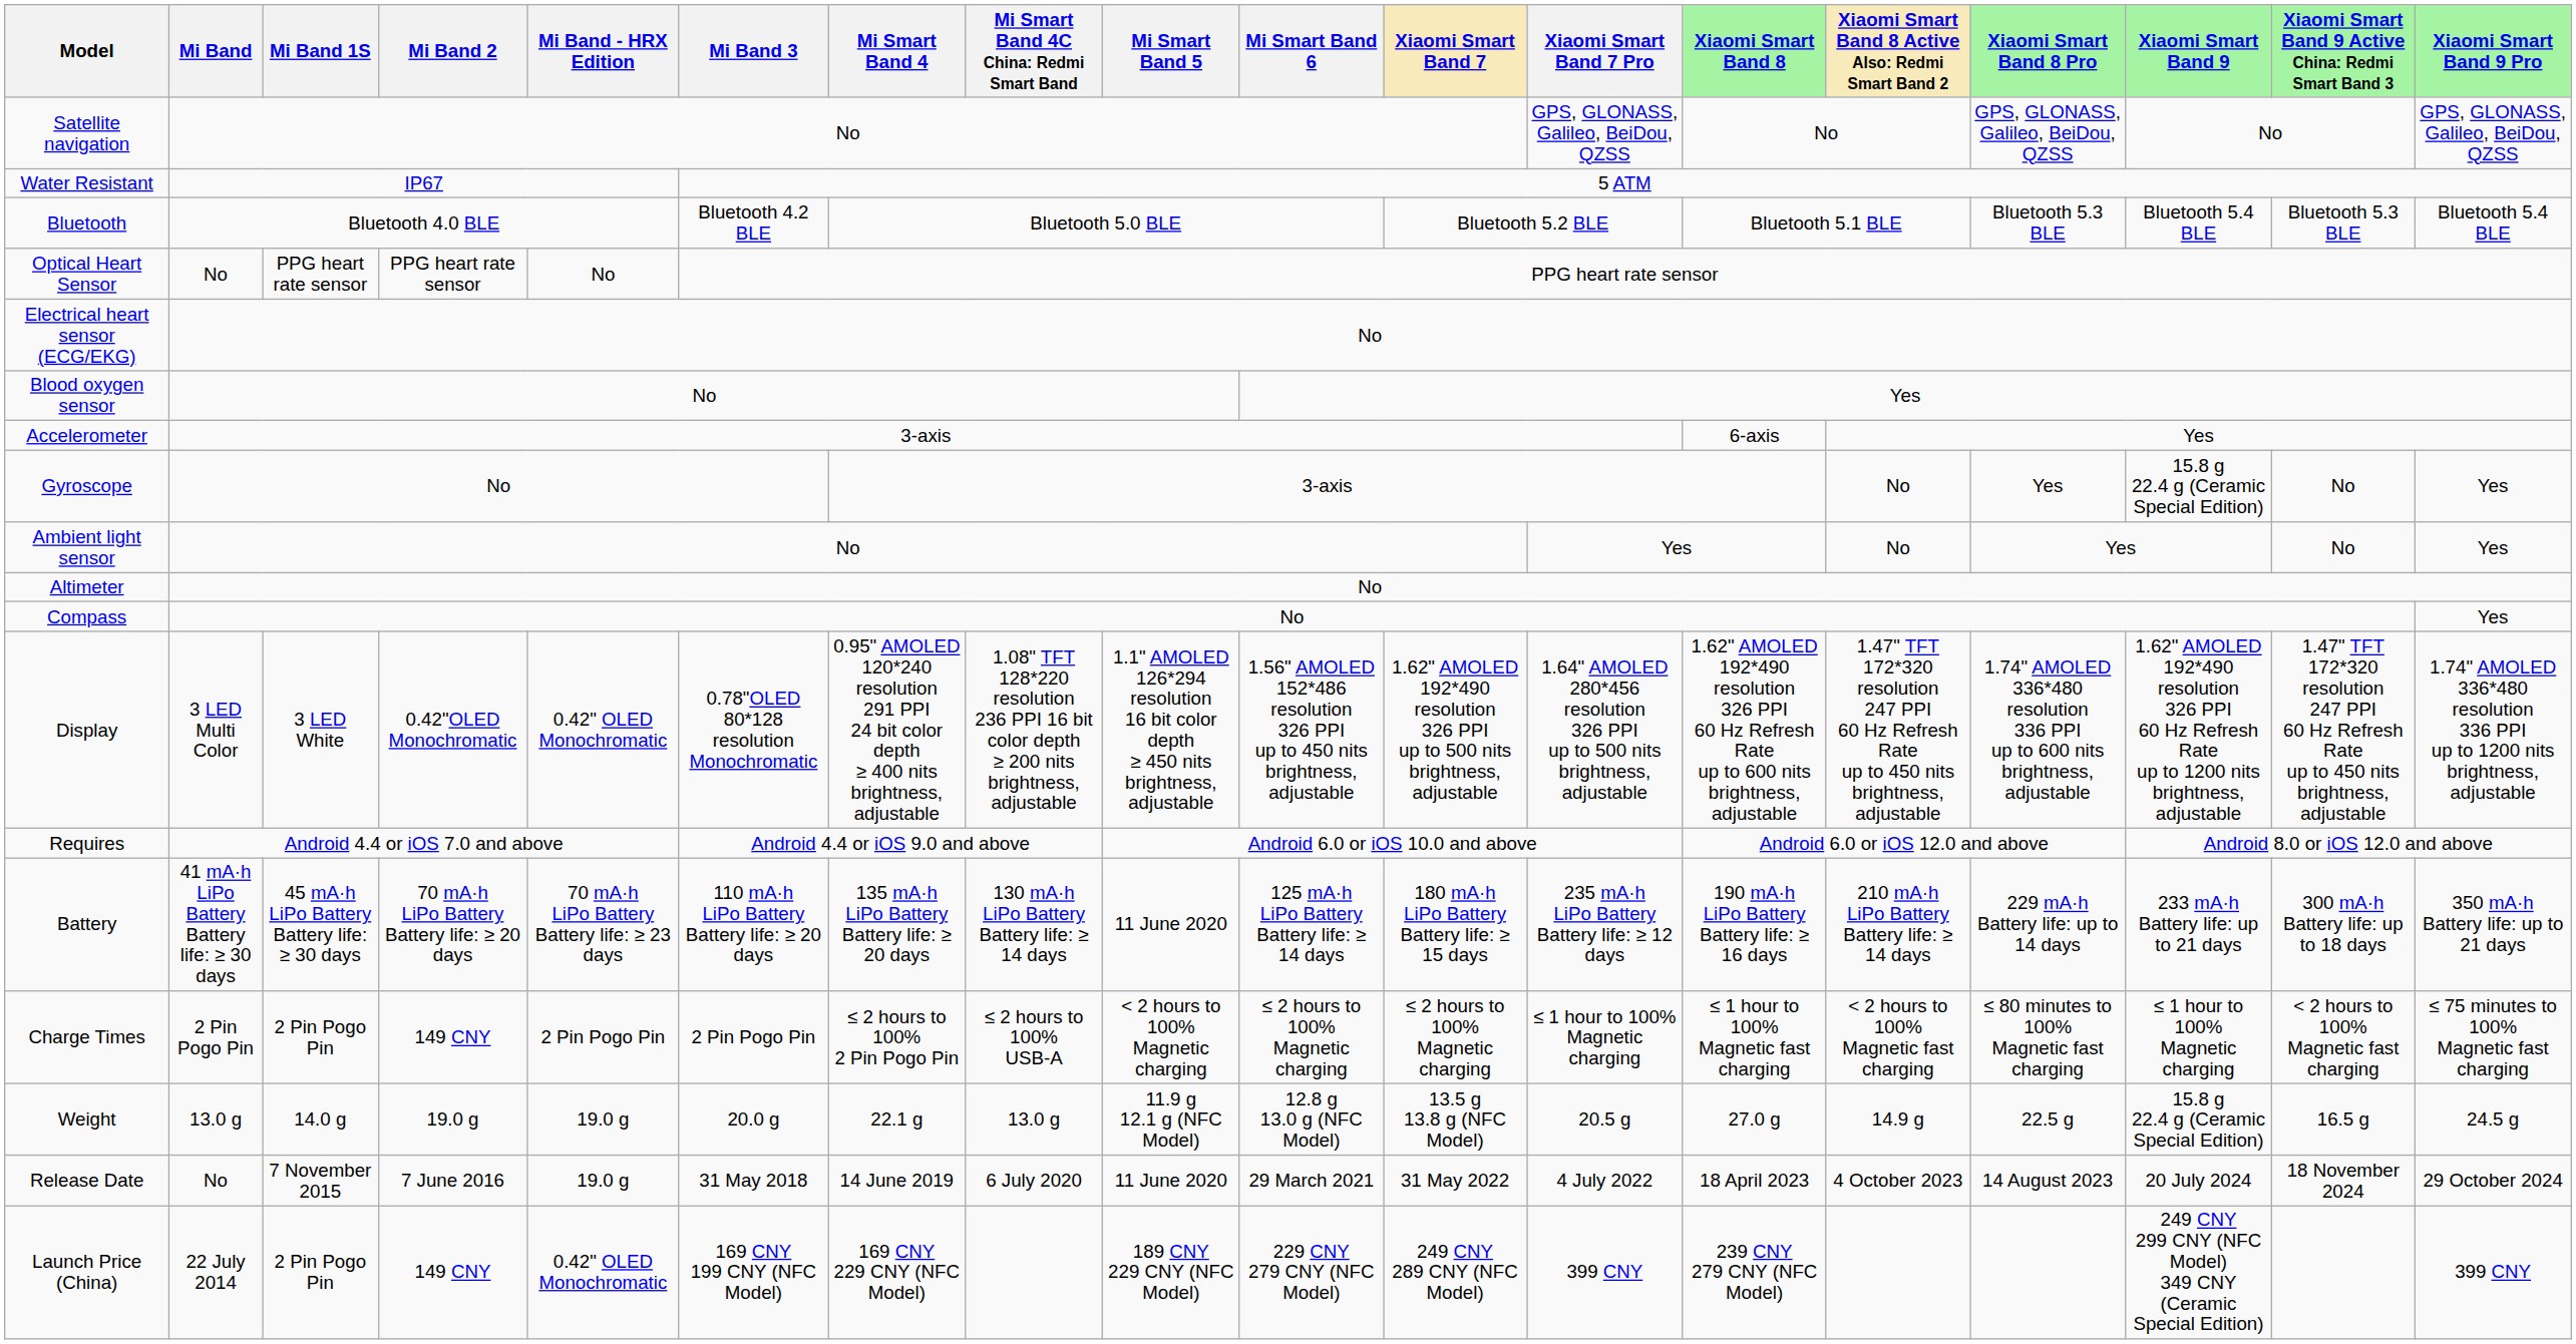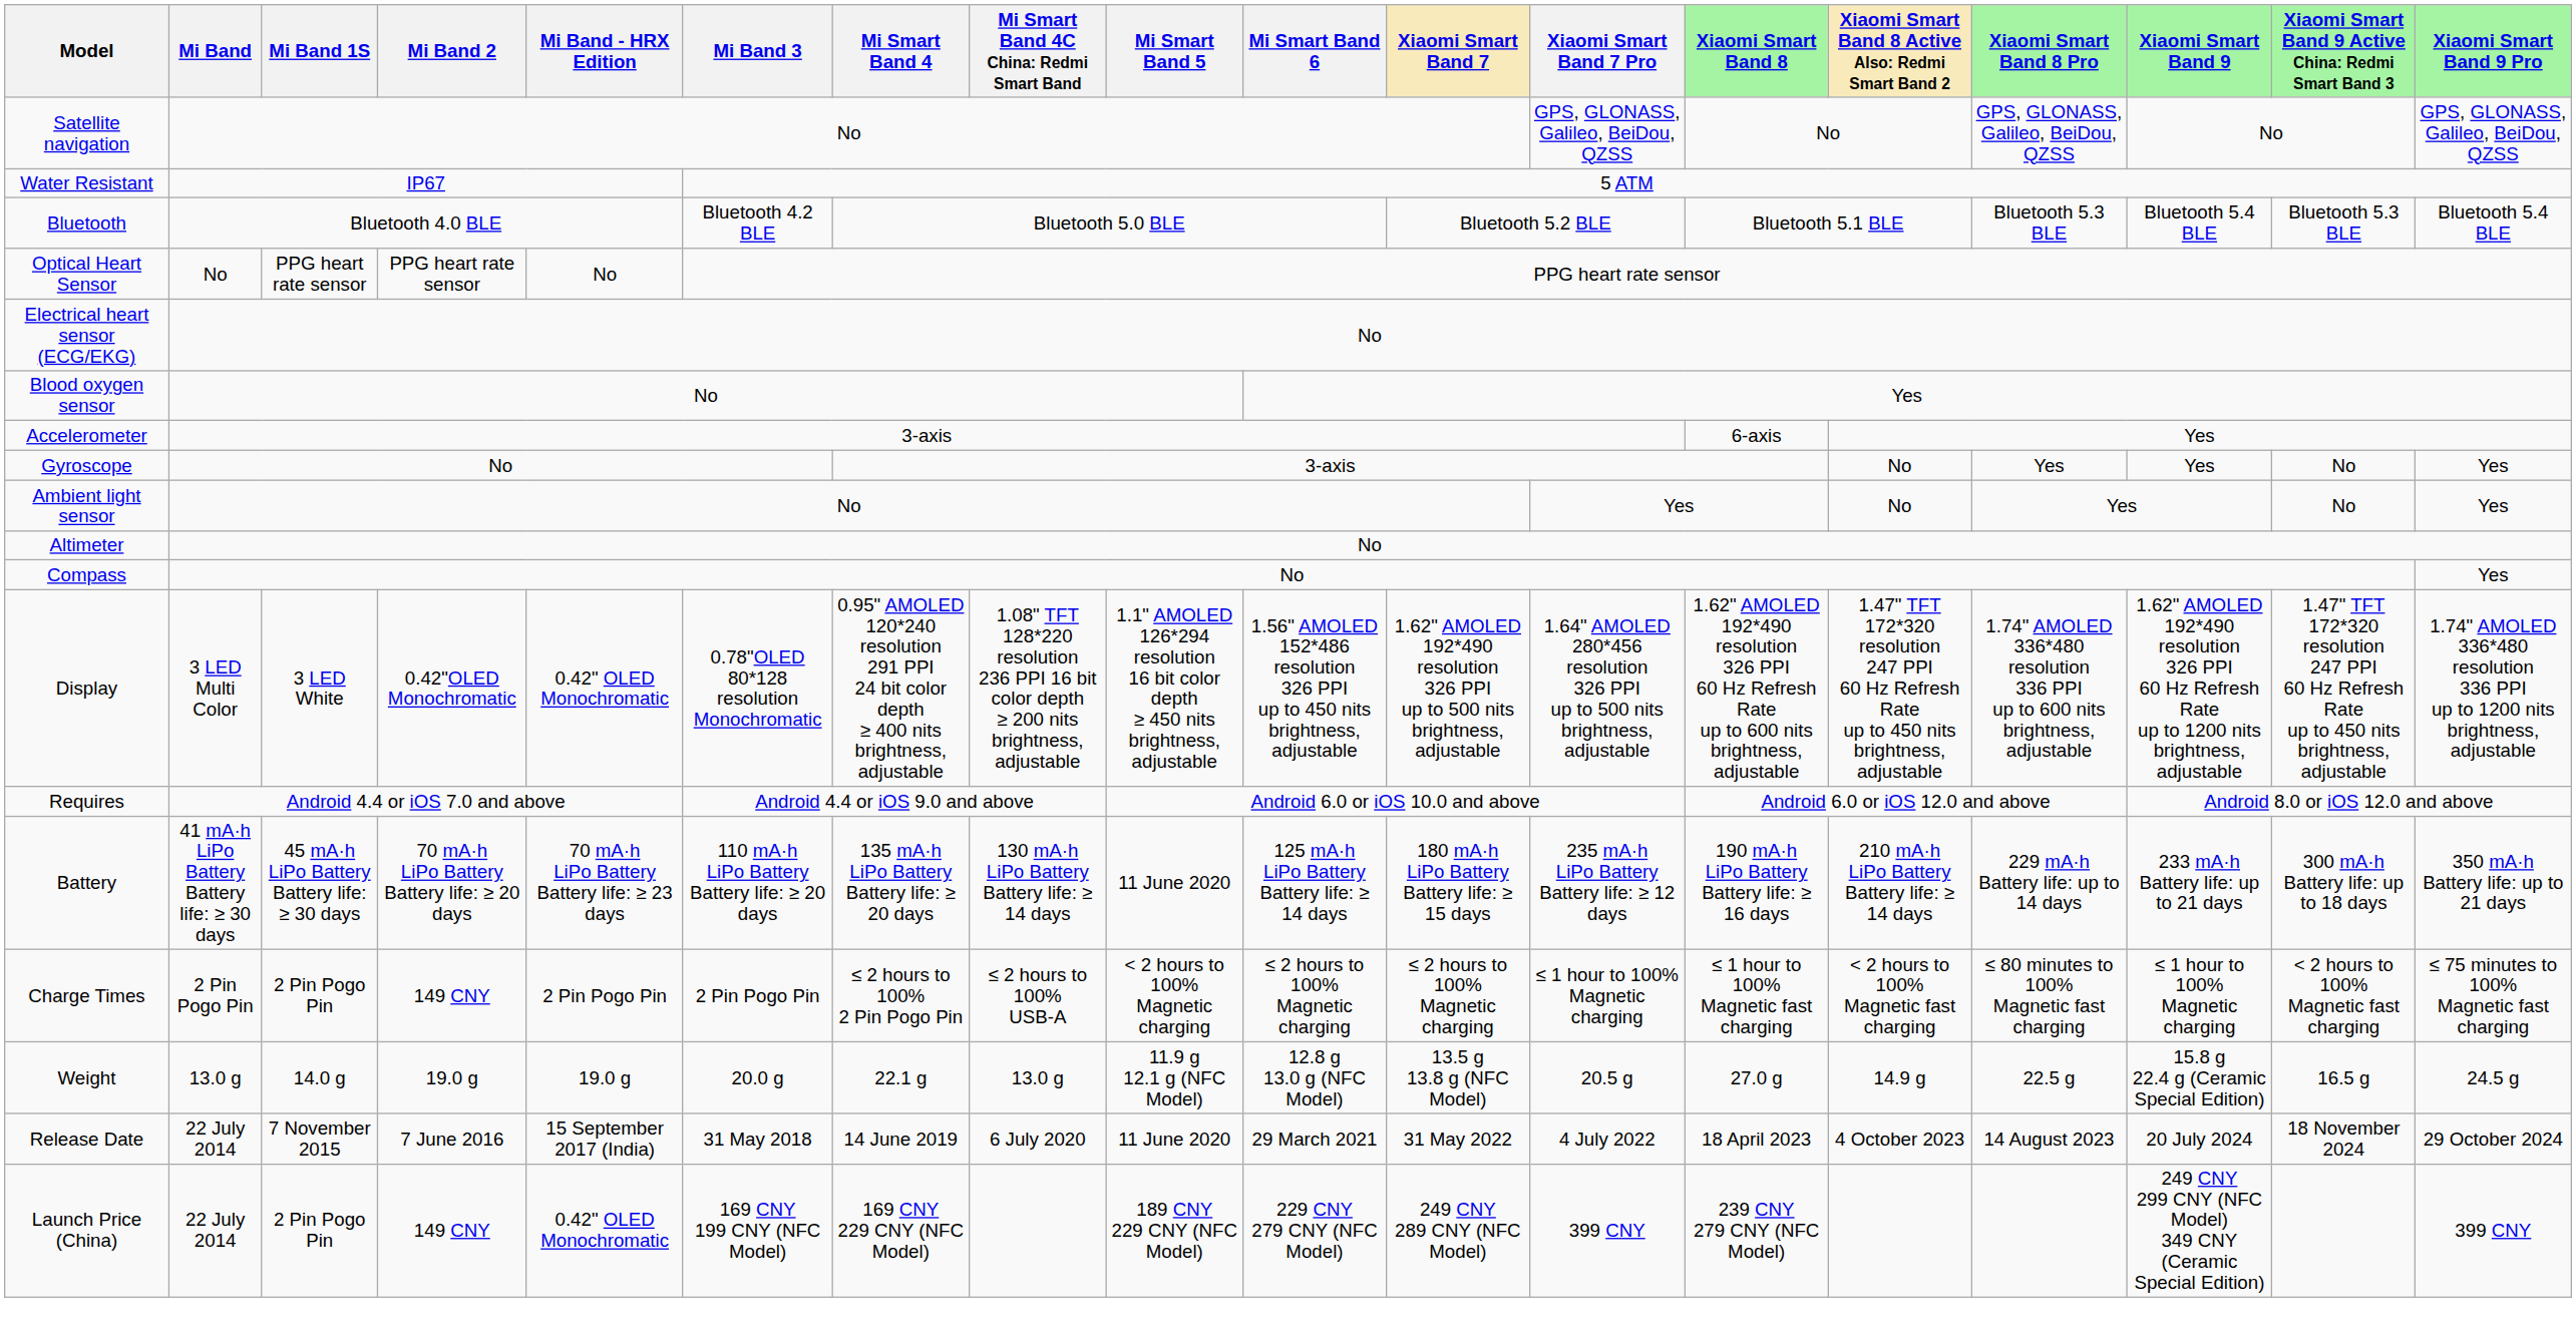 <table class="wikitable" style="text-align:center; font-size:90%">
 <tr>
 <th>Model</th>
 <th><a href='#'>Mi Band</a></th>
 <th><a href='#'>Mi Band 1S</a></th>
 <th><a href='#'>Mi Band 2</a></th>
 <th><a href='#'>Mi Band - HRX Edition</a></th>
 <th><a href='#'>Mi Band 3</a></th>
 <th><a href='#'>Mi Smart Band 4</a></th>
 <th><a href='#'>Mi Smart Band 4C</a><br><small>China: Redmi Smart Band</small></th>
 <th><a href='#'>Mi Smart Band 5</a></th>
 <th><a href='#'>Mi Smart Band 6</a></th>
 <th style="background:#f8eaba;"><a href='#'>Xiaomi Smart Band 7</a></th>
 <th><a href='#'>Xiaomi Smart Band 7 Pro</a></th>
 <th style="background:#a4f4a4;"><a href='#'>Xiaomi Smart Band 8</a></th>
 <th style="background:#f8eaba;"><a href='#'>Xiaomi Smart Band 8 Active</a><br><small>Also: Redmi Smart Band 2</small></th>
 <th style="background:#a4f4a4;"><a href='#'>Xiaomi Smart Band 8 Pro</a></th>
 <th style="background:#a4f4a4;"><a href='#'>Xiaomi Smart Band 9</a></th>
 <th style="background:#a4f4a4;"><a href='#'>Xiaomi Smart Band 9 Active</a><br><small>China: Redmi Smart Band 3</small></th>
 <th style="background:#a4f4a4;"><a href='#'>Xiaomi Smart Band 9 Pro</a></th>
 </tr>
 <tr>
 <td><a href='#'>Satellite navigation</a></td>
 <td colspan="10">No</td>
 <td><a href='#'>GPS</a>, <a href='#'>GLONASS</a>, <a href='#'>Galileo</a>, <a href='#'>BeiDou</a>, <a href='#'>QZSS</a></td>
 <td colspan="2">No</td>
 <td><a href='#'>GPS</a>, <a href='#'>GLONASS</a>, <a href='#'>Galileo</a>, <a href='#'>BeiDou</a>, <a href='#'>QZSS</a></td>
 <td colspan="2">No</td>
 <td><a href='#'>GPS</a>, <a href='#'>GLONASS</a>, <a href='#'>Galileo</a>, <a href='#'>BeiDou</a>, <a href='#'>QZSS</a></td>
 </tr>
 <tr>
 <td><a href='#'>Water Resistant</a></td>
 <td colspan="4"><a href='#'>IP67</a></td>
 <td colspan="13">5 <a href='#'>ATM</a></td>
 </tr>
 <tr>
 <td><a href='#'>Bluetooth</a></td>
 <td colspan="4">Bluetooth 4.0 <a href='#'>BLE</a></td>
 <td>Bluetooth 4.2 <a href='#'>BLE</a></td>
 <td colspan="4">Bluetooth 5.0 <a href='#'>BLE</a></td>
 <td colspan="2">Bluetooth 5.2 <a href='#'>BLE</a></td>
 <td colspan="2">Bluetooth 5.1 <a href='#'>BLE</a></td>
 <td>Bluetooth 5.3 <a href='#'>BLE</a></td>
 <td>Bluetooth 5.4 <a href='#'>BLE</a></td>
 <td>Bluetooth 5.3 <a href='#'>BLE</a></td>
 <td>Bluetooth 5.4 <a href='#'>BLE</a></td>
 </tr>
 <tr>
 <td><a href='#'>Optical Heart Sensor</a></td>
 <td>No</td>
 <td>PPG heart rate sensor</td>
 <td>PPG heart rate sensor</td>
 <td>No</td>
 <td colspan="13">PPG heart rate sensor</td>
 </tr>
 <tr>
 <td><a href='#'>Electrical heart sensor (ECG/EKG)</a></td>
 <td colspan="17">No</td>
 </tr>
 <tr>
 <td><a href='#'>Blood oxygen sensor</a></td>
 <td colspan="8">No</td>
 <td colspan="9">Yes</td>
 </tr>
 <tr>
 <td><a href='#'>Accelerometer</a></td>
 <td colspan="11">3-axis</td>
 <td>6-axis</td>
 <td colspan="5">Yes</td>
 </tr>
 <tr>
 <td><a href='#'>Gyroscope</a></td>
 <td colspan="5">No</td>
 <td colspan="7">3-axis</td>
 <td>No</td>
 <td>Yes</td>
-<td>15.8 g<br> 22.4 g (Ceramic Special Edition)</td>
+<td>Yes</td>
 <td>No</td>
 <td>Yes</td>
 </tr>
 <tr>
 <td><a href='#'>Ambient light sensor</a></td>
 <td colspan="10">No</td>
 <td colspan="2">Yes</td>
 <td>No</td>
 <td colspan="2">Yes</td>
 <td>No</td>
 <td>Yes</td>
 </tr>
 <tr>
 <td><a href='#'>Altimeter</a></td>
 <td colspan="17">No</td>
 </tr>
 <tr>
 <td><a href='#'>Compass</a></td>
 <td colspan="16">No</td>
 <td>Yes</td>
 </tr>
 <tr>
 <td>Display</td>
 <td>3 <a href='#'>LED</a><br>Multi Color</td>
 <td>3 <a href='#'>LED</a><br>White</td>
 <td>0.42"<a href='#'>OLED</a><br><a href='#'>Monochromatic</a></td>
 <td>0.42" <a href='#'>OLED</a><br><a href='#'>Monochromatic</a></td>
 <td>0.78"<a href='#'>OLED</a><br>80*128 resolution<br><a href='#'>Monochromatic</a></td>
 <td>0.95" <a href='#'>AMOLED</a><br>120*240 resolution<br>291 PPI<br>24 bit color depth<br>≥ 400 nits brightness, adjustable</td>
 <td>1.08" <a href='#'>TFT</a><br>128*220 resolution<br>236 PPI 16 bit color depth<br>≥ 200 nits brightness, adjustable</td>
 <td>1.1" <a href='#'>AMOLED</a><br>126*294 resolution<br>16 bit color depth<br>≥ 450 nits brightness, adjustable</td>
 <td>1.56" <a href='#'>AMOLED</a><br>152*486 resolution<br>326 PPI<br>up to 450 nits brightness, adjustable</td>
 <td>1.62" <a href='#'>AMOLED</a><br>192*490 resolution<br>326 PPI<br>up to 500 nits brightness, adjustable</td>
 <td>1.64" <a href='#'>AMOLED</a><br>280*456 resolution<br>326 PPI<br>up to 500 nits brightness, adjustable</td>
 <td>1.62" <a href='#'>AMOLED</a><br>192*490 resolution<br>326 PPI<br>60 Hz Refresh Rate<br>up to 600 nits brightness, adjustable</td>
 <td>1.47" <a href='#'>TFT</a><br>172*320 resolution<br>247 PPI<br>60 Hz Refresh Rate<br>up to 450 nits brightness, adjustable</td>
 <td>1.74" <a href='#'>AMOLED</a><br>336*480 resolution<br>336 PPI<br>up to 600 nits brightness, adjustable</td>
 <td>1.62" <a href='#'>AMOLED</a><br>192*490 resolution<br>326 PPI<br>60 Hz Refresh Rate<br>up to 1200 nits brightness, adjustable</td>
 <td>1.47" <a href='#'>TFT</a><br>172*320 resolution<br>247 PPI<br>60 Hz Refresh Rate<br>up to 450 nits brightness, adjustable</td>
 <td>1.74" <a href='#'>AMOLED</a><br>336*480 resolution<br>336 PPI<br>up to 1200 nits brightness, adjustable</td>
 </tr>
 <tr>
 <td>Requires</td>
 <td colspan="4"><a href='#'>Android</a> 4.4 or <a href='#'>iOS</a> 7.0 and above</td>
 <td colspan="3"><a href='#'>Android</a> 4.4 or <a href='#'>iOS</a> 9.0 and above</td>
 <td colspan="4"><a href='#'>Android</a> 6.0 or <a href='#'>iOS</a> 10.0 and above</td>
 <td colspan="3"><a href='#'>Android</a> 6.0 or <a href='#'>iOS</a> 12.0 and above</td>
 <td colspan="3"><a href='#'>Android</a> 8.0 or <a href='#'>iOS</a> 12.0 and above</td>
 </tr>
 <tr>
 <td>Battery</td>
 <td>41 <a href='#'>mA·h</a><br><a href='#'>LiPo Battery</a><br>Battery life: ≥ 30 days</td>
 <td>45 <a href='#'>mA·h</a><br><a href='#'>LiPo Battery</a><br>Battery life: ≥ 30 days</td>
 <td>70 <a href='#'>mA·h</a><br><a href='#'>LiPo Battery</a><br>Battery life: ≥ 20 days</td>
 <td>70 <a href='#'>mA·h</a><br><a href='#'>LiPo Battery</a><br>Battery life: ≥ 23 days</td>
 <td>110 <a href='#'>mA·h</a><br><a href='#'>LiPo Battery</a><br>Battery life: ≥ 20 days</td>
 <td>135 <a href='#'>mA·h</a><br><a href='#'>LiPo Battery</a><br>Battery life: ≥ 20 days</td>
 <td>130 <a href='#'>mA·h</a><br><a href='#'>LiPo Battery</a><br>Battery life: ≥ 14 days</td>
 <td>11 June 2020</td>
 <td>125 <a href='#'>mA·h</a><br><a href='#'>LiPo Battery</a><br>Battery life: ≥ 14 days</td>
 <td>180 <a href='#'>mA·h</a><br><a href='#'>LiPo Battery</a><br>Battery life: ≥ 15 days</td>
 <td>235 <a href='#'>mA·h</a><br><a href='#'>LiPo Battery</a><br>Battery life: ≥ 12 days</td>
 <td>190 <a href='#'>mA·h</a><br><a href='#'>LiPo Battery</a><br>Battery life: ≥ 16 days</td>
 <td>210 <a href='#'>mA·h</a><br><a href='#'>LiPo Battery</a><br>Battery life: ≥ 14 days</td>
 <td>229 <a href='#'>mA·h</a><br>Battery life: up to 14 days</td>
 <td>233 <a href='#'>mA·h</a><br>Battery life: up to 21 days</td>
 <td>300 <a href='#'>mA·h</a><br>Battery life: up to 18 days</td>
 <td>350 <a href='#'>mA·h</a><br>Battery life: up to 21 days</td>
 </tr>
 <tr>
 <td>Charge Times</td>
 <td>2 Pin Pogo Pin</td>
 <td>2 Pin Pogo Pin</td>
 <td>149 <a href='#'>CNY</a></td>
 <td>2 Pin Pogo Pin</td>
 <td>2 Pin Pogo Pin</td>
 <td>≤ 2 hours to 100%<br>2 Pin Pogo Pin</td>
 <td>≤ 2 hours to 100%<br>USB-A</td>
 <td>< 2 hours to 100%<br>Magnetic charging</td>
 <td>≤ 2 hours to 100%<br>Magnetic charging</td>
 <td>≤ 2 hours to 100%<br>Magnetic charging</td>
 <td>≤ 1 hour to 100%<br>Magnetic charging</td>
 <td>≤ 1 hour to 100%<br>Magnetic fast charging</td>
 <td>< 2 hours to 100%<br>Magnetic fast charging</td>
 <td>≤ 80 minutes to 100%<br>Magnetic fast charging</td>
 <td>≤ 1 hour to 100%<br>Magnetic charging</td>
 <td>< 2 hours to 100%<br>Magnetic fast charging</td>
 <td>≤ 75 minutes to 100%<br>Magnetic fast charging</td>
 </tr>
 <tr>
 <td>Weight</td>
 <td>13.0 g</td>
 <td>14.0 g</td>
 <td>19.0 g</td>
 <td>19.0 g</td>
 <td>20.0 g</td>
 <td>22.1 g</td>
 <td>13.0 g</td>
 <td>11.9 g<br>12.1 g (NFC Model)</td>
 <td>12.8 g<br>13.0 g (NFC Model)</td>
 <td>13.5 g<br> 13.8 g (NFC Model)</td>
 <td>20.5 g</td>
 <td>27.0 g</td>
 <td>14.9 g</td>
 <td>22.5 g</td>
 <td>15.8 g<br> 22.4 g (Ceramic Special Edition)</td>
 <td>16.5 g</td>
 <td>24.5 g</td>
 </tr>
 <tr>
 <td>Release Date</td>
-<td>No</td>
+<td>22 July 2014</td>
 <td>7 November 2015</td>
 <td>7 June 2016</td>
-<td>19.0 g</td>
+<td>15 September 2017 (India)</td>
 <td>31 May 2018</td>
 <td>14 June 2019</td>
 <td>6 July 2020</td>
 <td>11 June 2020</td>
 <td>29 March 2021</td>
 <td>31 May 2022</td>
 <td>4 July 2022</td>
 <td>18 April 2023</td>
 <td>4 October 2023</td>
 <td>14 August 2023</td>
 <td>20 July 2024</td>
 <td>18 November 2024</td>
 <td>29 October 2024</td>
 </tr>
 <tr>
 <td>Launch Price (China)</td>
 <td>22 July 2014</td>
 <td>2 Pin Pogo Pin</td>
 <td>149 <a href='#'>CNY</a></td>
 <td>0.42" <a href='#'>OLED</a><br><a href='#'>Monochromatic</a></td>
 <td>169 <a href='#'>CNY</a><br>199 CNY (NFC Model)</td>
 <td>169 <a href='#'>CNY</a><br>229 CNY (NFC Model)</td>
 <td></td>
 <td>189 <a href='#'>CNY</a><br>229 CNY (NFC Model)</td>
 <td>229 <a href='#'>CNY</a><br>279 CNY (NFC Model)</td>
 <td>249 <a href='#'>CNY</a><br>289 CNY (NFC Model)</td>
 <td>399 <a href='#'>CNY</a></td>
 <td>239 <a href='#'>CNY</a><br>279 CNY (NFC Model)</td>
 <td></td>
 <td></td>
 <td>249 <a href='#'>CNY</a><br>299 CNY (NFC Model)<br>349 CNY (Ceramic Special Edition)</td>
 <td></td>
 <td>399 <a href='#'>CNY</a></td>
 </tr>
 </table>
